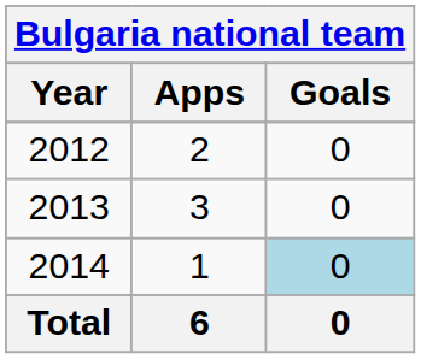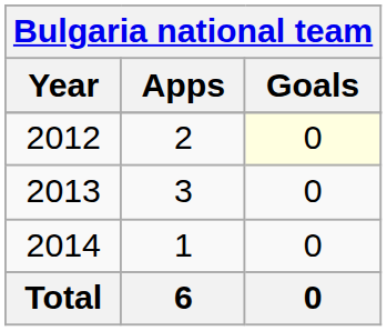 <table class="wikitable" style="text-align:center">
 <tr>
 <th colspan=3><a href='#'>Bulgaria national team</a></th>
 </tr>
 <tr>
 <th>Year</th>
 <th>Apps</th>
 <th>Goals</th>
 </tr>
 <tr>
 </tr>
 <tr>
 <td>2012</td>
 <td>2</td>
-<td>0</td>
+<td style="background: lightyellow;">0</td>
 </tr>
 <tr>
 <td>2013</td>
 <td>3</td>
 <td>0</td>
 </tr>
 <tr>
 <td>2014</td>
 <td>1</td>
-<td style="background: lightblue;">0</td>
+<td>0</td>
 </tr>
 <tr>
 <th>Total</th>
 <th>6</th>
 <th>0</th>
 </tr>
 </table>
